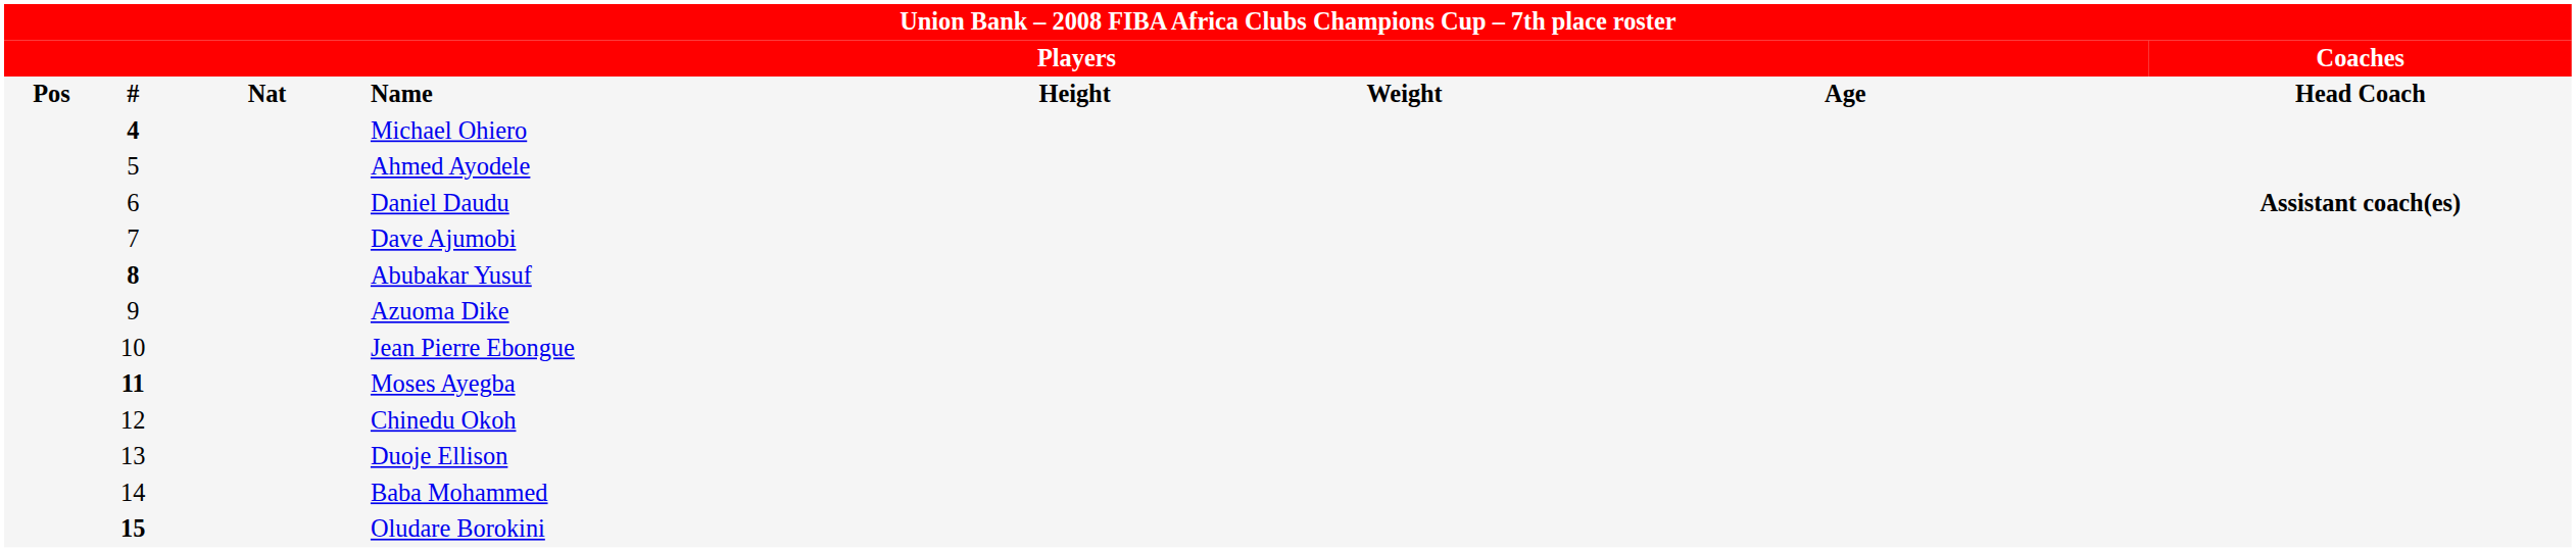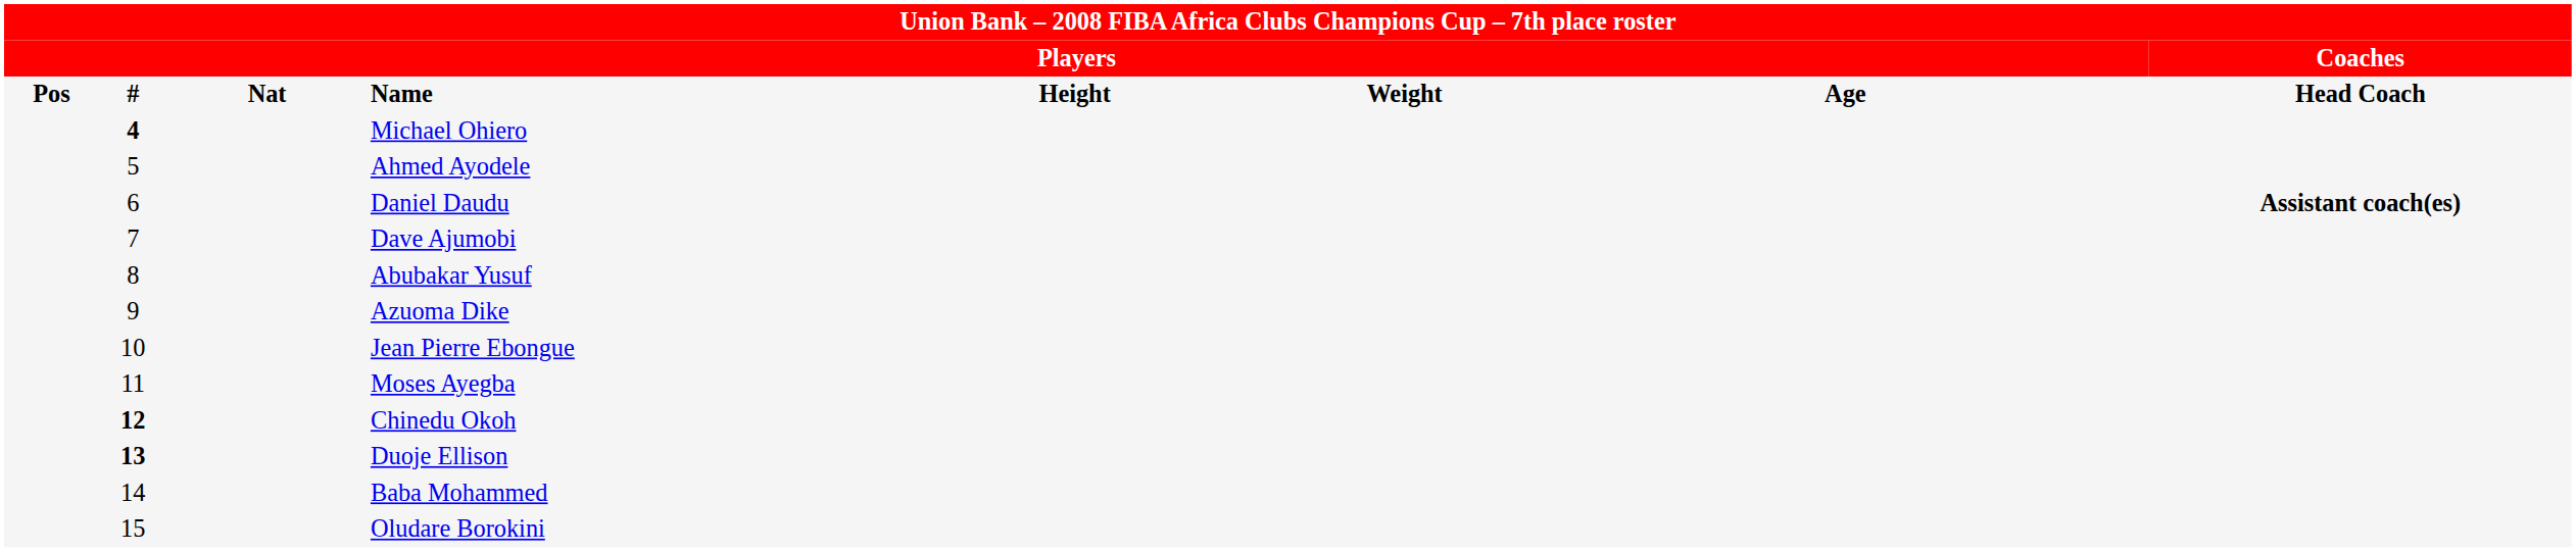 <table border=0 cellpadding=2 cellspacing=0  |- bgcolor=#f5f5f5 style="text-align:center; font-size:90%;" width=75%>
 <tr>
 <td colspan="8" style="background: red; color: white"><strong>Union Bank – 2008 FIBA Africa Clubs Champions Cup – 7th place roster</strong></td>
 </tr>
 <tr>
 <td colspan="7" style="background: red; color: white"><strong>Players</strong></td>
 <td style="background: red; color: white"><strong>Coaches</strong></td>
 </tr>
 <tr style="background=#f5f5f5; color: black">
 <th width=5px>Pos</th>
 <th width=5px>#</th>
 <th width=50px>Nat</th>
 <th width=135px align=left>Name</th>
 <th width=100px>Height</th>
 <th width=70px>Weight</th>
 <th width=160px>Age</th>
 <th width=110px>Head Coach</th>
 </tr>
 <tr>
 <td></td>
 <td><strong>4</strong></td>
 <td></td>
 <td align=left><a href='#'>Michael Ohiero</a></td>
 <td></td>
 <td></td>
 <td><span></span></td>
 <td></td>
 </tr>
 <tr>
 <td></td>
 <td>5</td>
 <td></td>
 <td align=left><a href='#'>Ahmed Ayodele</a></td>
 <td></td>
 <td></td>
 <td><span></span></td>
 </tr>
 <tr>
 <td></td>
 <td>6</td>
 <td></td>
 <td align=left><a href='#'>Daniel Daudu</a></td>
 <td></td>
 <td></td>
 <td><span></span></td>
 <td><strong>Assistant coach(es)</strong></td>
 </tr>
 <tr>
 <td></td>
 <td>7</td>
 <td></td>
 <td align=left><a href='#'>Dave Ajumobi</a></td>
 <td></td>
 <td></td>
 <td><span></span></td>
 </tr>
 <tr>
 <td></td>
-<td><strong>8</strong></td>
+<td>8</td>
 <td></td>
 <td align=left><a href='#'>Abubakar Yusuf</a></td>
 <td></td>
 <td></td>
 <td><span></span></td>
 </tr>
 <tr>
 <td></td>
 <td>9</td>
 <td></td>
 <td align=left><a href='#'>Azuoma Dike</a></td>
 <td></td>
 <td></td>
 <td><span></span></td>
 </tr>
 <tr>
 <td></td>
 <td>10</td>
 <td></td>
 <td align=left><a href='#'>Jean Pierre Ebongue</a></td>
 <td></td>
 <td></td>
 <td><span></span></td>
 </tr>
 <tr>
 <td></td>
-<td><strong>11</strong></td>
+<td>11</td>
 <td></td>
 <td align=left><a href='#'>Moses Ayegba</a></td>
 <td></td>
 <td></td>
 <td><span></span></td>
 </tr>
 <tr>
 <td></td>
-<td>12</td>
+<td><strong>12</strong></td>
 <td></td>
 <td align=left><a href='#'>Chinedu Okoh</a></td>
 <td></td>
 <td></td>
 <td><span></span></td>
 <td></td>
 </tr>
 <tr>
 <td></td>
-<td>13</td>
+<td><strong>13</strong></td>
 <td></td>
 <td align=left><a href='#'>Duoje Ellison</a></td>
 <td></td>
 <td></td>
 <td><span></span></td>
 <td></td>
 </tr>
 <tr>
 <td></td>
 <td>14</td>
 <td></td>
 <td align=left><a href='#'>Baba Mohammed</a></td>
 <td></td>
 <td></td>
 <td><span></span></td>
 <td></td>
 </tr>
 <tr>
 <td></td>
-<td><strong>15</strong></td>
+<td>15</td>
 <td></td>
 <td align=left><a href='#'>Oludare Borokini</a></td>
 <td></td>
 <td></td>
 <td><span></span></td>
 </tr>
 </table>
